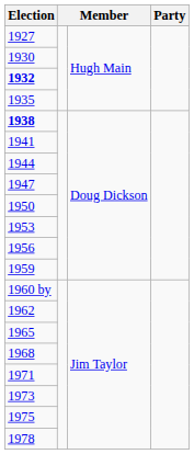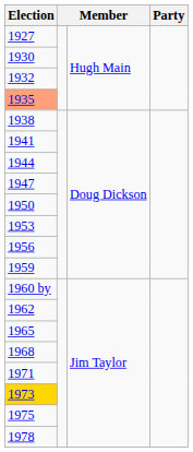 <table class="wikitable">
 <tr>
 <th>Election</th>
 <th colspan="2">Member</th>
 <th>Party</th>
 </tr>
 <tr>
 <td><a href='#'>1927</a></td>
 <td rowspan="4" > </td>
 <td rowspan="4"><a href='#'>Hugh Main</a></td>
 <td rowspan="4"></td>
 </tr>
 <tr>
 <td><a href='#'>1930</a></td>
 </tr>
 <tr>
-<td><strong><a href='#'>1932</a></strong></td>
+<td><a href='#'>1932</a></td>
 </tr>
 <tr>
-<td><a href='#'>1935</a></td>
+<td style="background: lightsalmon;"><a href='#'>1935</a></td>
 </tr>
 <tr>
-<td><strong><a href='#'>1938</a></strong></td>
+<td><a href='#'>1938</a></td>
 <td rowspan="8" > </td>
 <td rowspan="8"><a href='#'>Doug Dickson</a></td>
 <td rowspan="8"></td>
 </tr>
 <tr>
 <td><a href='#'>1941</a></td>
 </tr>
 <tr>
 <td><a href='#'>1944</a></td>
 </tr>
 <tr>
 <td><a href='#'>1947</a></td>
 </tr>
 <tr>
 <td><a href='#'>1950</a></td>
 </tr>
 <tr>
 <td><a href='#'>1953</a></td>
 </tr>
 <tr>
 <td><a href='#'>1956</a></td>
 </tr>
 <tr>
 <td><a href='#'>1959</a></td>
 </tr>
 <tr>
 <td><a href='#'>1960 by</a></td>
 <td rowspan="8" > </td>
 <td rowspan="8"><a href='#'>Jim Taylor</a></td>
 <td rowspan="8"></td>
 </tr>
 <tr>
 <td><a href='#'>1962</a></td>
 </tr>
 <tr>
 <td><a href='#'>1965</a></td>
 </tr>
 <tr>
 <td><a href='#'>1968</a></td>
 </tr>
 <tr>
 <td><a href='#'>1971</a></td>
 </tr>
 <tr>
-<td><a href='#'>1973</a></td>
+<td style="background: gold;"><a href='#'>1973</a></td>
 </tr>
 <tr>
 <td><a href='#'>1975</a></td>
 </tr>
 <tr>
 <td><a href='#'>1978</a></td>
 </tr>
 </table>
